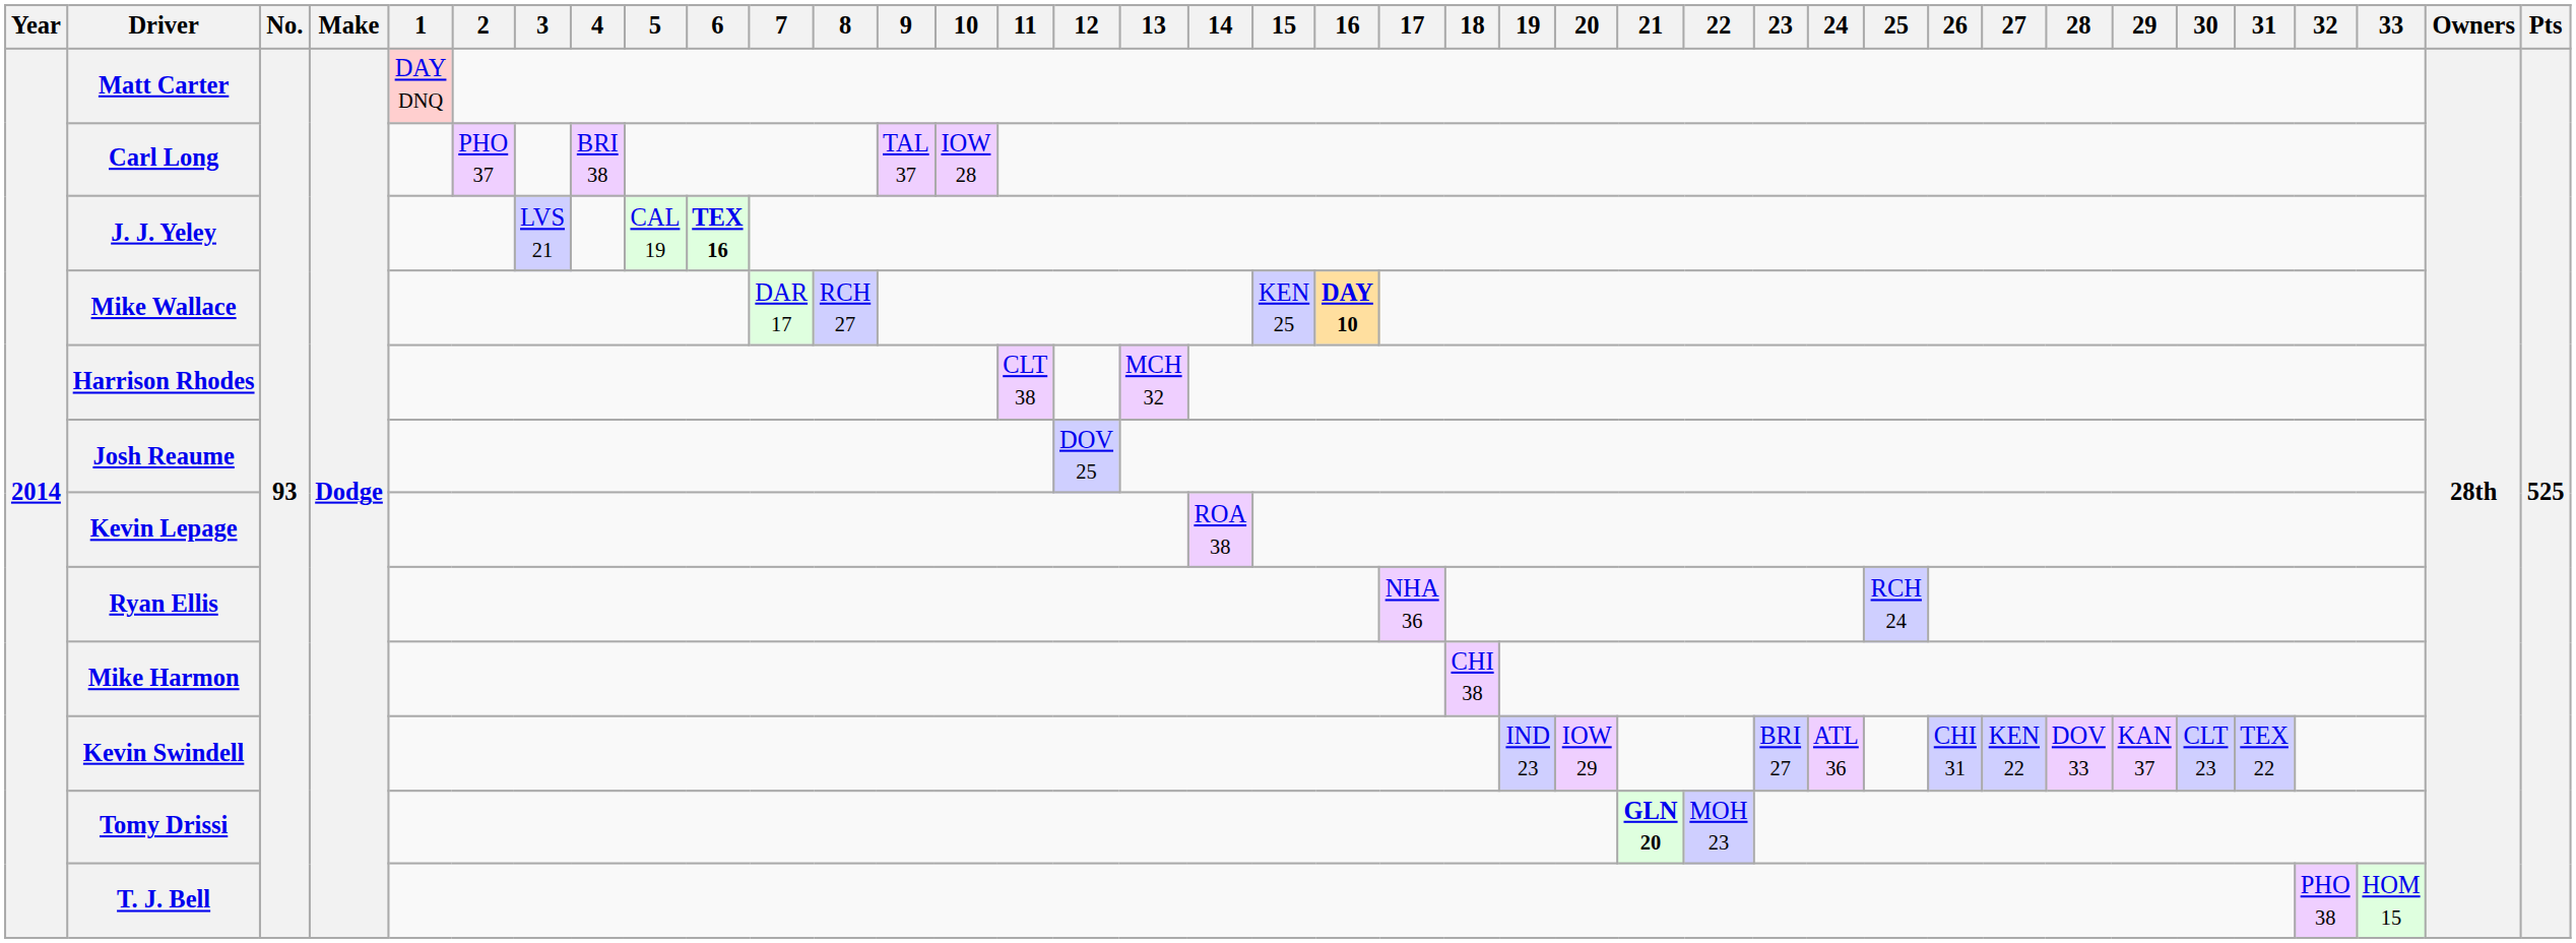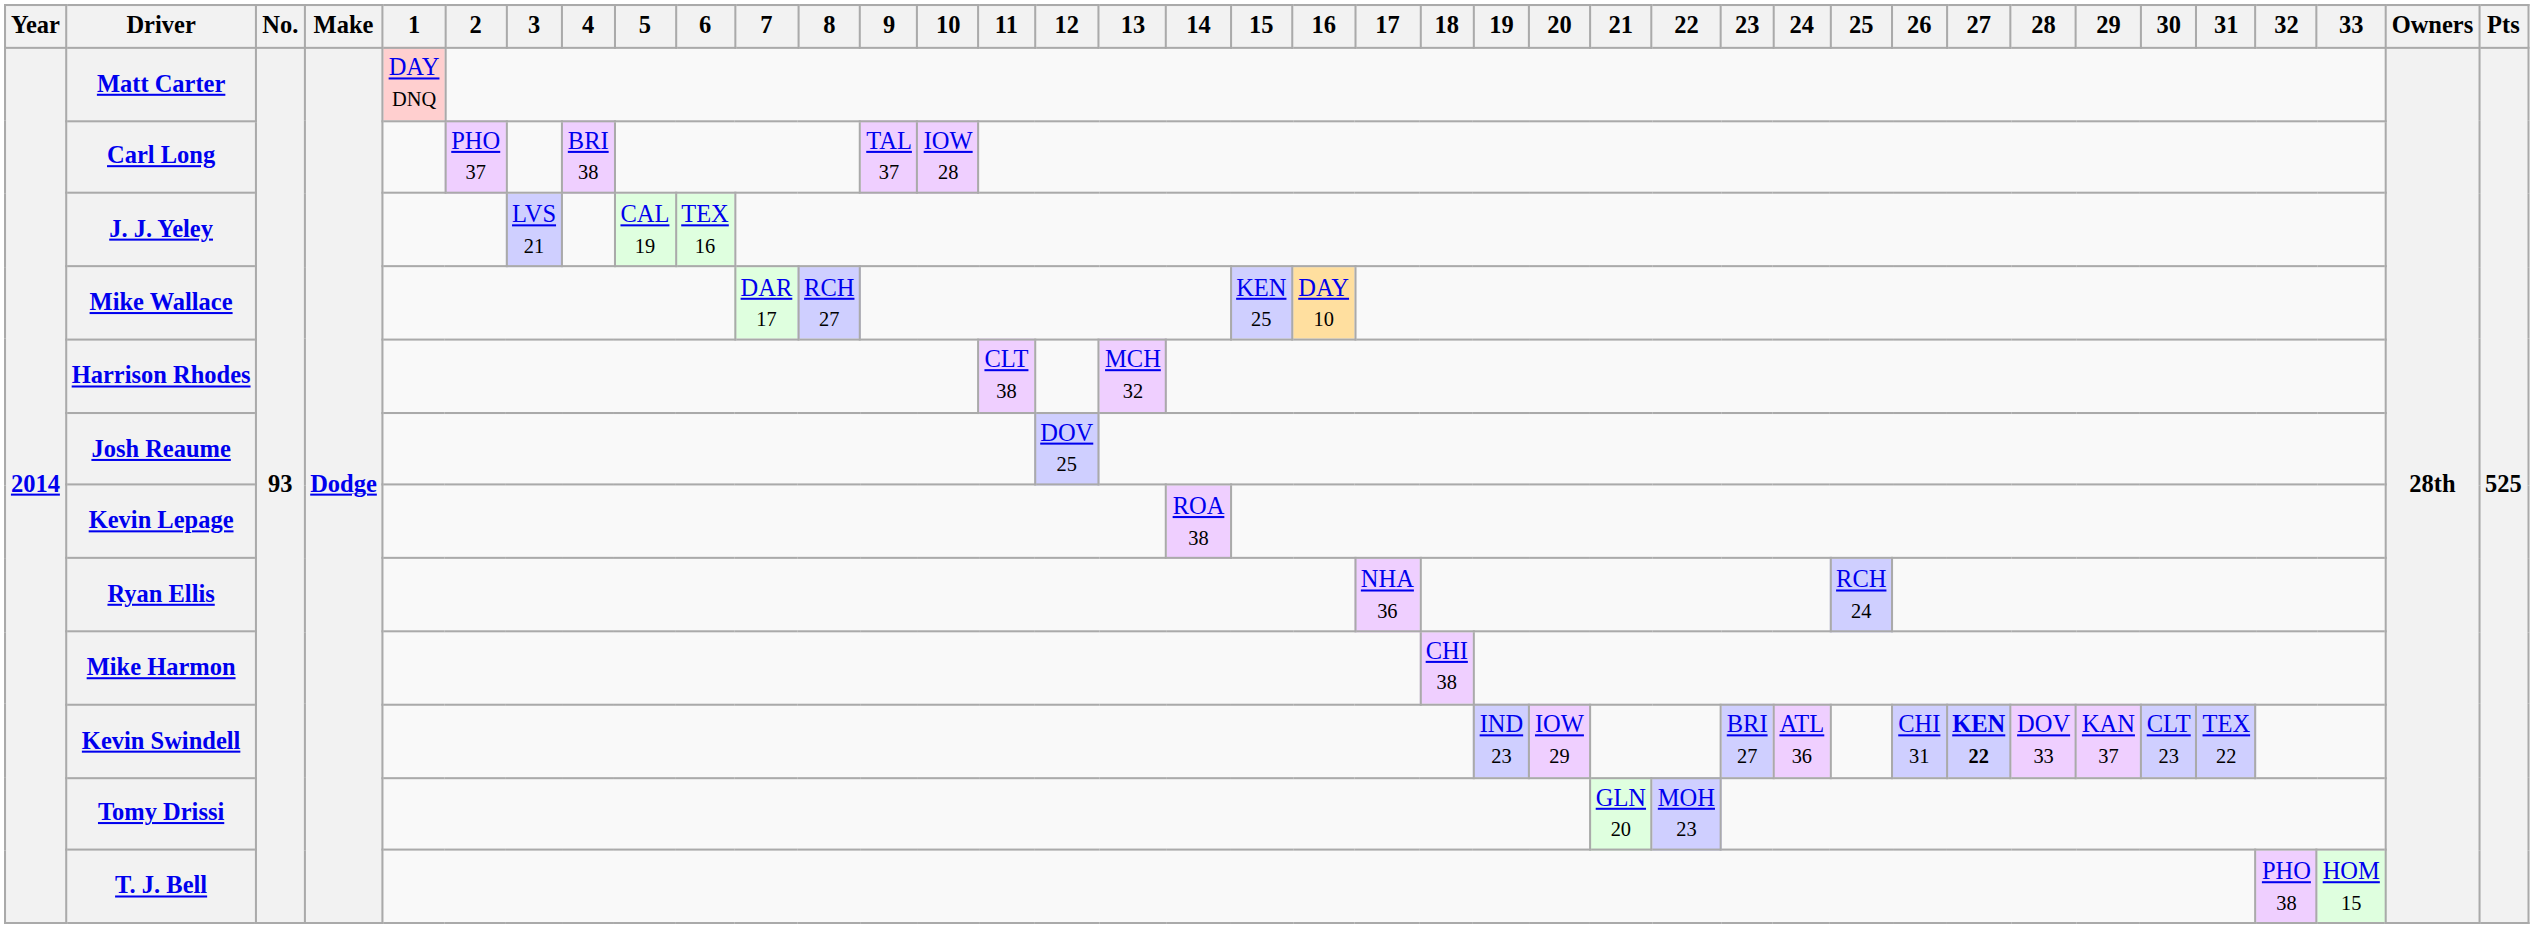 <table class="wikitable" style="text-align:center; font-size:75%">
 <tr>
 <th>Year</th>
 <th>Driver</th>
 <th>No.</th>
 <th>Make</th>
 <th>1</th>
 <th>2</th>
 <th>3</th>
 <th>4</th>
 <th>5</th>
 <th>6</th>
 <th>7</th>
 <th>8</th>
 <th>9</th>
 <th>10</th>
 <th>11</th>
 <th>12</th>
 <th>13</th>
 <th>14</th>
 <th>15</th>
 <th>16</th>
 <th>17</th>
 <th>18</th>
 <th>19</th>
 <th>20</th>
 <th>21</th>
 <th>22</th>
 <th>23</th>
 <th>24</th>
 <th>25</th>
 <th>26</th>
 <th>27</th>
 <th>28</th>
 <th>29</th>
 <th>30</th>
 <th>31</th>
 <th>32</th>
 <th>33</th>
 <th>Owners</th>
 <th>Pts</th>
 </tr>
 <tr>
 <th rowspan=12><a href='#'>2014</a></th>
 <th><a href='#'>Matt Carter</a></th>
 <th rowspan=12>93</th>
 <th rowspan=12><a href='#'>Dodge</a></th>
 <td style="background:#FFCFCF;"><a href='#'>DAY</a><br><small>DNQ</small></td>
 <td colspan=32></td>
 <th rowspan=12>28th</th>
 <th rowspan=12>525</th>
 </tr>
 <tr>
 <th><a href='#'>Carl Long</a></th>
 <td colspan=1></td>
 <td style="background:#EFCFFF;"><a href='#'>PHO</a><br><small>37</small></td>
 <td colspan=1></td>
 <td style="background:#EFCFFF;"><a href='#'>BRI</a><br><small>38</small></td>
 <td colspan=4></td>
 <td style="background:#EFCFFF;"><a href='#'>TAL</a><br><small>37</small></td>
 <td style="background:#EFCFFF;"><a href='#'>IOW</a><br><small>28</small></td>
 <td colspan=25></td>
 </tr>
 <tr>
 <th><a href='#'>J. J. Yeley</a></th>
 <td colspan=2></td>
 <td style="background:#CFCFFF;"><a href='#'>LVS</a><br><small>21</small></td>
 <td colspan=1></td>
 <td style="background:#DFFFDF;"><a href='#'>CAL</a><br><small>19</small></td>
-<td style="background:#DFFFDF;"><strong><a href='#'>TEX</a><br><small>16</small></strong></td>
+<td style="background:#DFFFDF;"><a href='#'>TEX</a><br><small>16</small></td>
 <td colspan=29></td>
 </tr>
 <tr>
 <th><a href='#'>Mike Wallace</a></th>
 <td colspan=6></td>
 <td style="background:#DFFFDF;"><a href='#'>DAR</a><br><small>17</small></td>
 <td style="background:#CFCFFF;"><a href='#'>RCH</a><br><small>27</small></td>
 <td colspan=6></td>
 <td style="background:#CFCFFF;"><a href='#'>KEN</a><br><small>25</small></td>
-<td style="background:#FFDF9F;"><strong><a href='#'>DAY</a><br><small>10</small></strong></td>
+<td style="background:#FFDF9F;"><a href='#'>DAY</a><br><small>10</small></td>
 <td colspan=17></td>
 </tr>
 <tr>
 <th><a href='#'>Harrison Rhodes</a></th>
 <td colspan=10></td>
 <td style="background:#EFCFFF;"><a href='#'>CLT</a><br><small>38</small></td>
 <td colspan=1></td>
 <td style="background:#EFCFFF;"><a href='#'>MCH</a><br><small>32</small></td>
 <td colspan=20></td>
 </tr>
 <tr>
 <th><a href='#'>Josh Reaume</a></th>
 <td colspan=11></td>
 <td style="background:#CFCFFF;"><a href='#'>DOV</a><br><small>25</small></td>
 <td colspan=21></td>
 </tr>
 <tr>
 <th><a href='#'>Kevin Lepage</a></th>
 <td colspan=13></td>
 <td style="background:#EFCFFF;"><a href='#'>ROA</a><br><small>38</small></td>
 <td colspan=21></td>
 </tr>
 <tr>
 <th><a href='#'>Ryan Ellis</a></th>
 <td colspan=16></td>
 <td style="background:#EFCFFF;"><a href='#'>NHA</a><br><small>36</small></td>
 <td colspan=7></td>
 <td style="background:#CFCFFF;"><a href='#'>RCH</a><br><small>24</small></td>
 <td colspan=8></td>
 </tr>
 <tr>
 <th><a href='#'>Mike Harmon</a></th>
 <td colspan=17></td>
 <td style="background:#EFCFFF;"><a href='#'>CHI</a><br><small>38</small></td>
 <td colspan=15></td>
 </tr>
 <tr>
 <th><a href='#'>Kevin Swindell</a></th>
 <td colspan=18></td>
 <td style="background:#CFCFFF;"><a href='#'>IND</a><br><small>23</small></td>
 <td style="background:#EFCFFF;"><a href='#'>IOW</a><br><small>29</small></td>
 <td colspan=2></td>
 <td style="background:#CFCFFF;"><a href='#'>BRI</a><br><small>27</small></td>
 <td style="background:#EFCFFF;"><a href='#'>ATL</a><br><small>36</small></td>
 <td colspan=1></td>
 <td style="background:#CFCFFF;"><a href='#'>CHI</a><br><small>31</small></td>
-<td style="background:#CFCFFF;"><a href='#'>KEN</a><br><small>22</small></td>
+<td style="background:#CFCFFF;"><strong><a href='#'>KEN</a><br><small>22</small></strong></td>
 <td style="background:#EFCFFF;"><a href='#'>DOV</a><br><small>33</small></td>
 <td style="background:#EFCFFF;"><a href='#'>KAN</a><br><small>37</small></td>
 <td style="background:#CFCFFF;"><a href='#'>CLT</a><br><small>23</small></td>
 <td style="background:#CFCFFF;"><a href='#'>TEX</a><br><small>22</small></td>
 </tr>
 <tr>
 <th><a href='#'>Tomy Drissi</a></th>
 <td colspan=20></td>
-<td style="background:#DFFFDF;"><strong><a href='#'>GLN</a><br><small>20</small></strong></td>
+<td style="background:#DFFFDF;"><a href='#'>GLN</a><br><small>20</small></td>
 <td style="background:#CFCFFF;"><a href='#'>MOH</a><br><small>23</small></td>
 <td colspan=11></td>
 </tr>
 <tr>
 <th><a href='#'>T. J. Bell</a></th>
 <td colspan=31></td>
 <td style="background:#EFCFFF;"><a href='#'>PHO</a><br><small>38</small></td>
 <td style="background:#DFFFDF;"><a href='#'>HOM</a><br><small>15</small></td>
 </tr>
 </table>
